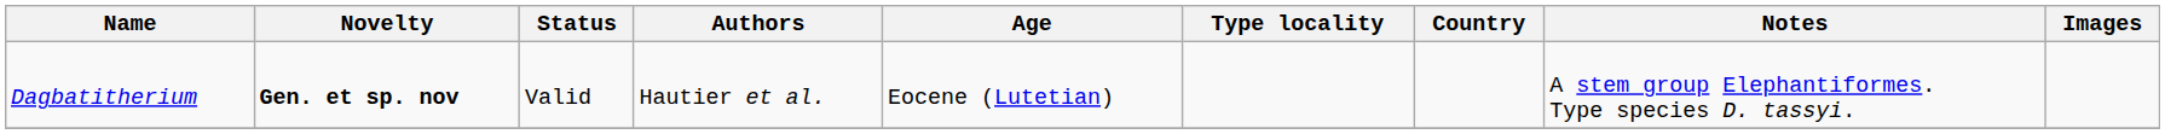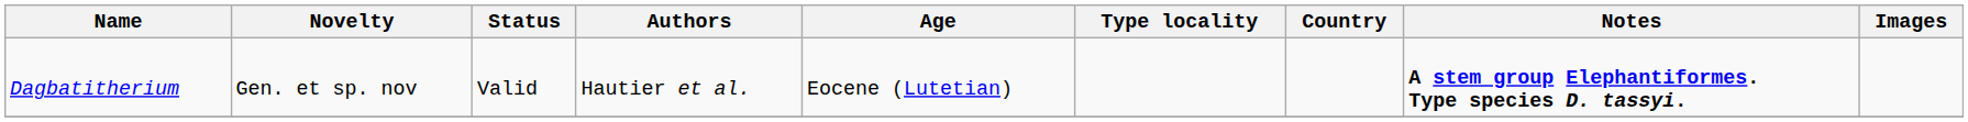 <table class="wikitable sortable" align="center" width="100%">
 <tr>
 <th>Name</th>
 <th>Novelty</th>
 <th>Status</th>
 <th>Authors</th>
 <th>Age</th>
 <th>Type locality</th>
 <th>Country</th>
 <th>Notes</th>
 <th>Images</th>
 </tr>
 <tr>
 <td><br><em><a href='#'>Dagbatitherium</a></em></td>
-<td><strong><br>Gen. et sp. nov</strong></td>
+<td><br>Gen. et sp. nov</td>
 <td><br>Valid</td>
 <td><br>Hautier <em>et al.</em></td>
 <td><br>Eocene (<a href='#'>Lutetian</a>)</td>
 <td></td>
 <td><br></td>
-<td><br>A <a href='#'>stem group</a> <a href='#'>Elephantiformes</a>.<br> Type species <em>D. tassyi</em>.</td>
+<td><strong><br>A <a href='#'>stem group</a> <a href='#'>Elephantiformes</a>.<br> Type species <em>D. tassyi</em>.</strong></td>
 <td></td>
 </tr>
 <tr>
 </tr>
 </table>
